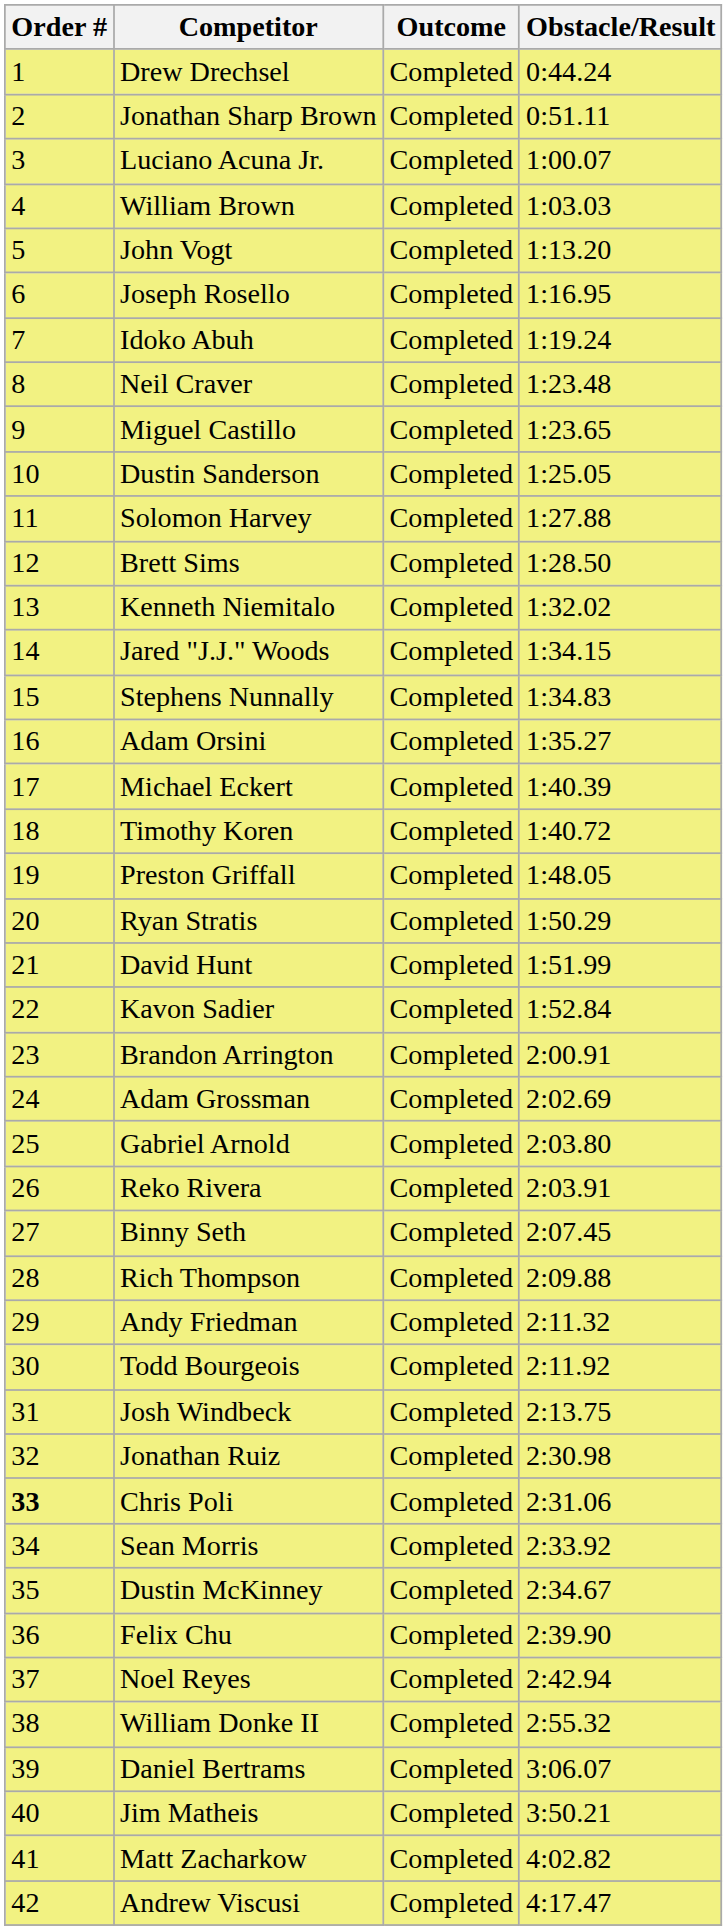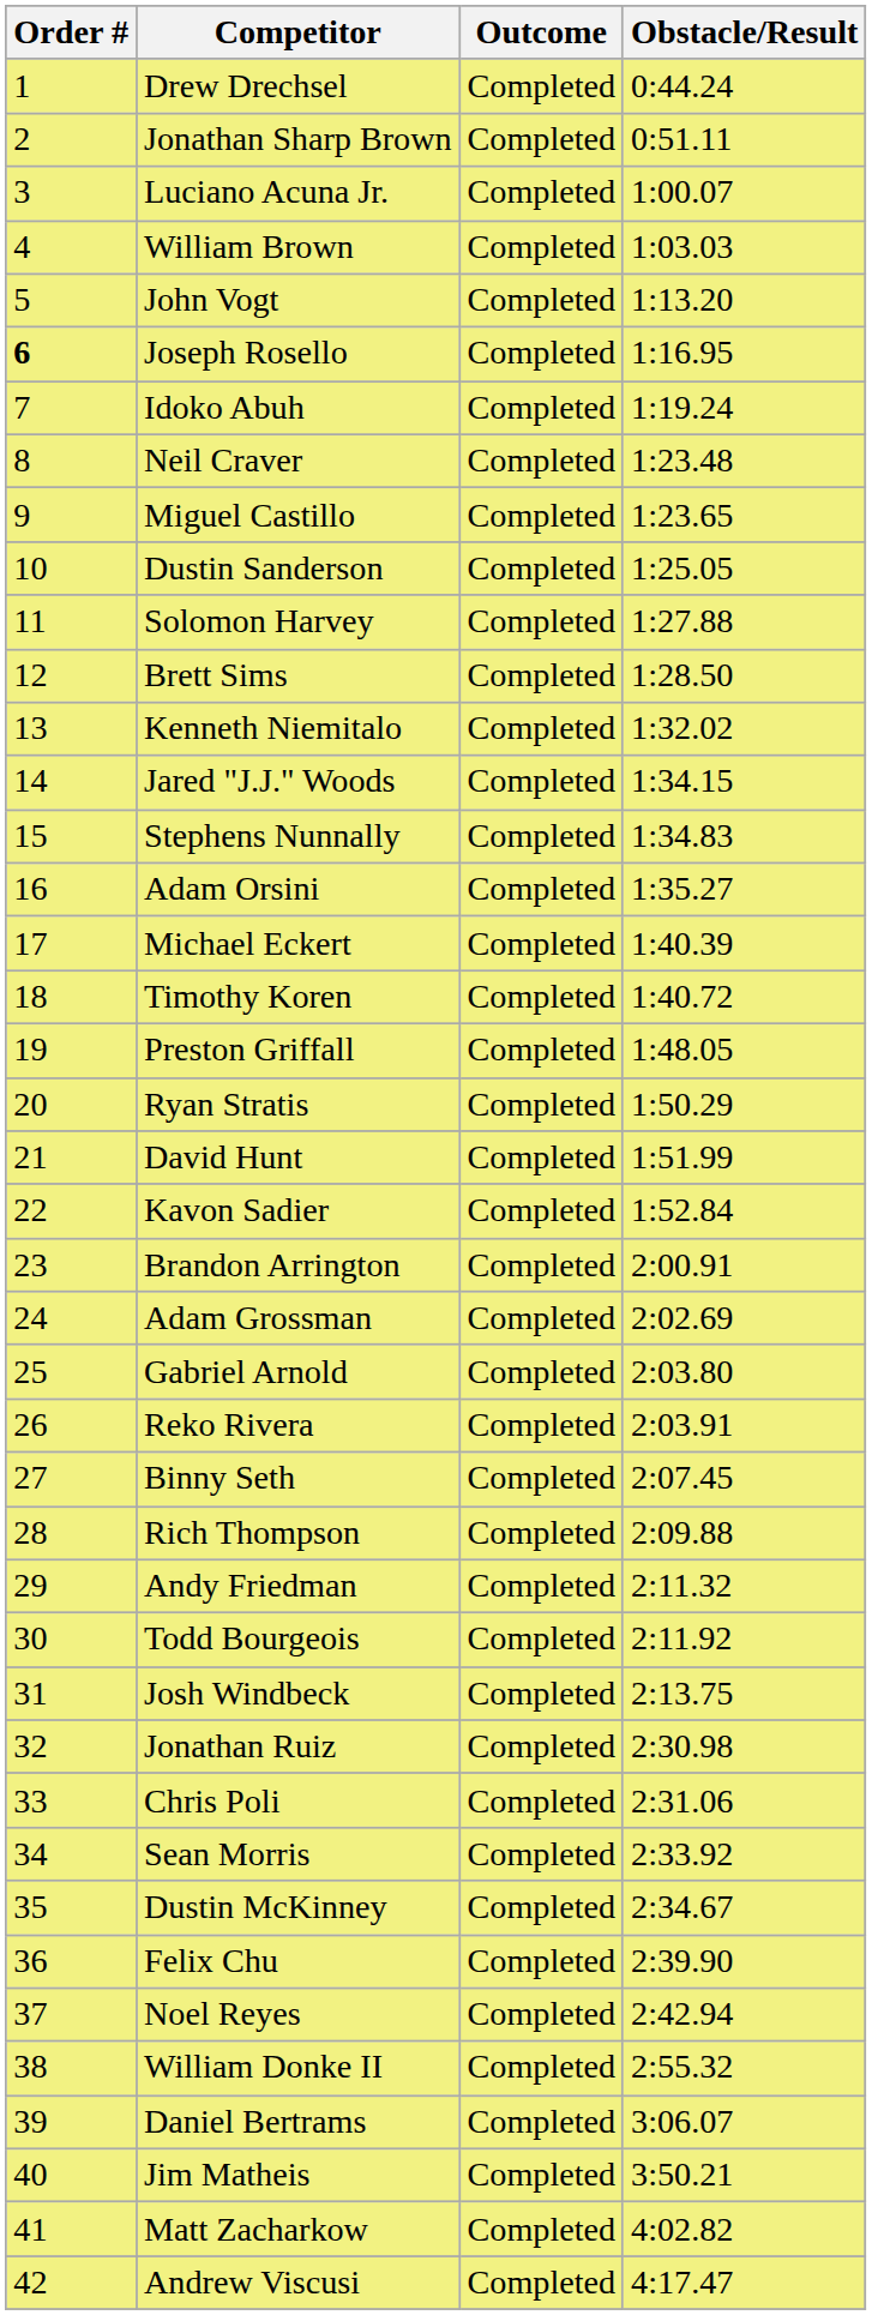 <table class="wikitable sortable">
 <tr>
 <th>Order #</th>
 <th>Competitor</th>
 <th>Outcome</th>
 <th>Obstacle/Result</th>
 </tr>
 <tr style="background-color:#f2f282">
 <td>1</td>
 <td>Drew Drechsel</td>
 <td>Completed</td>
 <td>0:44.24</td>
 </tr>
 <tr style="background-color:#f2f282">
 <td>2</td>
 <td>Jonathan Sharp Brown</td>
 <td>Completed</td>
 <td>0:51.11</td>
 </tr>
 <tr style="background-color:#f2f282">
 <td>3</td>
 <td>Luciano Acuna Jr.</td>
 <td>Completed</td>
 <td>1:00.07</td>
 </tr>
 <tr style="background-color:#f2f282">
 <td>4</td>
 <td>William Brown</td>
 <td>Completed</td>
 <td>1:03.03</td>
 </tr>
 <tr style="background-color:#f2f282">
 <td>5</td>
 <td>John Vogt</td>
 <td>Completed</td>
 <td>1:13.20</td>
 </tr>
 <tr style="background-color:#f2f282">
-<td>6</td>
+<td><strong>6</strong></td>
 <td>Joseph Rosello</td>
 <td>Completed</td>
 <td>1:16.95</td>
 </tr>
 <tr style="background-color:#f2f282">
 <td>7</td>
 <td>Idoko Abuh</td>
 <td>Completed</td>
 <td>1:19.24</td>
 </tr>
 <tr style="background-color:#f2f282">
 <td>8</td>
 <td>Neil Craver</td>
 <td>Completed</td>
 <td>1:23.48</td>
 </tr>
 <tr style="background-color:#f2f282">
 <td>9</td>
 <td>Miguel Castillo</td>
 <td>Completed</td>
 <td>1:23.65</td>
 </tr>
 <tr style="background-color:#f2f282">
 <td>10</td>
 <td>Dustin Sanderson</td>
 <td>Completed</td>
 <td>1:25.05</td>
 </tr>
 <tr style="background-color:#f2f282">
 <td>11</td>
 <td>Solomon Harvey</td>
 <td>Completed</td>
 <td>1:27.88</td>
 </tr>
 <tr style="background-color:#f2f282">
 <td>12</td>
 <td>Brett Sims</td>
 <td>Completed</td>
 <td>1:28.50</td>
 </tr>
 <tr style="background-color:#f2f282">
 <td>13</td>
 <td>Kenneth Niemitalo</td>
 <td>Completed</td>
 <td>1:32.02</td>
 </tr>
 <tr style="background-color:#f2f282">
 <td>14</td>
 <td>Jared "J.J." Woods</td>
 <td>Completed</td>
 <td>1:34.15</td>
 </tr>
 <tr style="background-color:#f2f282">
 <td>15</td>
 <td>Stephens Nunnally</td>
 <td>Completed</td>
 <td>1:34.83</td>
 </tr>
 <tr style="background-color:#f2f282">
 <td>16</td>
 <td>Adam Orsini</td>
 <td>Completed</td>
 <td>1:35.27</td>
 </tr>
 <tr style="background-color:#f2f282">
 <td>17</td>
 <td>Michael Eckert</td>
 <td>Completed</td>
 <td>1:40.39</td>
 </tr>
 <tr style="background-color:#f2f282">
 <td>18</td>
 <td>Timothy Koren</td>
 <td>Completed</td>
 <td>1:40.72</td>
 </tr>
 <tr style="background-color:#f2f282">
 <td>19</td>
 <td>Preston Griffall</td>
 <td>Completed</td>
 <td>1:48.05</td>
 </tr>
 <tr style="background-color:#f2f282">
 <td>20</td>
 <td>Ryan Stratis</td>
 <td>Completed</td>
 <td>1:50.29</td>
 </tr>
 <tr style="background-color:#f2f282">
 <td>21</td>
 <td>David Hunt</td>
 <td>Completed</td>
 <td>1:51.99</td>
 </tr>
 <tr style="background-color:#f2f282">
 <td>22</td>
 <td>Kavon Sadier</td>
 <td>Completed</td>
 <td>1:52.84</td>
 </tr>
 <tr style="background-color:#f2f282">
 <td>23</td>
 <td>Brandon Arrington</td>
 <td>Completed</td>
 <td>2:00.91</td>
 </tr>
 <tr style="background-color:#f2f282">
 <td>24</td>
 <td>Adam Grossman</td>
 <td>Completed</td>
 <td>2:02.69</td>
 </tr>
 <tr style="background-color:#f2f282">
 <td>25</td>
 <td>Gabriel Arnold</td>
 <td>Completed</td>
 <td>2:03.80</td>
 </tr>
 <tr style="background-color:#f2f282">
 <td>26</td>
 <td>Reko Rivera</td>
 <td>Completed</td>
 <td>2:03.91</td>
 </tr>
 <tr style="background-color:#f2f282">
 <td>27</td>
 <td>Binny Seth</td>
 <td>Completed</td>
 <td>2:07.45</td>
 </tr>
 <tr style="background-color:#f2f282">
 <td>28</td>
 <td>Rich Thompson</td>
 <td>Completed</td>
 <td>2:09.88</td>
 </tr>
 <tr style="background-color:#f2f282">
 <td>29</td>
 <td>Andy Friedman</td>
 <td>Completed</td>
 <td>2:11.32</td>
 </tr>
 <tr style="background-color:#f2f282">
 <td>30</td>
 <td>Todd Bourgeois</td>
 <td>Completed</td>
 <td>2:11.92</td>
 </tr>
 <tr style="background-color:#f2f282">
 <td>31</td>
 <td>Josh Windbeck</td>
 <td>Completed</td>
 <td>2:13.75</td>
 </tr>
 <tr style="background-color:#f2f282">
 <td>32</td>
 <td>Jonathan Ruiz</td>
 <td>Completed</td>
 <td>2:30.98</td>
 </tr>
 <tr style="background-color:#f2f282">
-<td><strong>33</strong></td>
+<td>33</td>
 <td>Chris Poli</td>
 <td>Completed</td>
 <td>2:31.06</td>
 </tr>
 <tr style="background-color:#f2f282">
 <td>34</td>
 <td>Sean Morris</td>
 <td>Completed</td>
 <td>2:33.92</td>
 </tr>
 <tr style="background-color:#f2f282">
 <td>35</td>
 <td>Dustin McKinney</td>
 <td>Completed</td>
 <td>2:34.67</td>
 </tr>
 <tr style="background-color:#f2f282">
 <td>36</td>
 <td>Felix Chu</td>
 <td>Completed</td>
 <td>2:39.90</td>
 </tr>
 <tr style="background-color:#f2f282">
 <td>37</td>
 <td>Noel Reyes</td>
 <td>Completed</td>
 <td>2:42.94</td>
 </tr>
 <tr style="background-color:#f2f282">
 <td>38</td>
 <td>William Donke II</td>
 <td>Completed</td>
 <td>2:55.32</td>
 </tr>
 <tr style="background-color:#f2f282">
 <td>39</td>
 <td>Daniel Bertrams</td>
 <td>Completed</td>
 <td>3:06.07</td>
 </tr>
 <tr style="background-color:#f2f282">
 <td>40</td>
 <td>Jim Matheis</td>
 <td>Completed</td>
 <td>3:50.21</td>
 </tr>
 <tr style="background-color:#f2f282">
 <td>41</td>
 <td>Matt Zacharkow</td>
 <td>Completed</td>
 <td>4:02.82</td>
 </tr>
 <tr style="background-color:#f2f282">
 <td>42</td>
 <td>Andrew Viscusi</td>
 <td>Completed</td>
 <td>4:17.47</td>
 </tr>
 </table>
